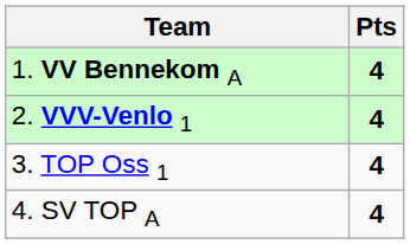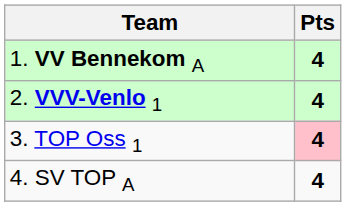 <table class="wikitable" style="text-align:center; float:left; margin-right:1em">
 <tr>
 <th style="width:200px">Team</th>
 <th width=20>Pts</th>
 </tr>
 <tr bgcolor=ccffcc>
 <td align=left>1. <strong>VV Bennekom</strong> <sub>A</sub></td>
 <td><strong>4</strong></td>
 </tr>
 <tr bgcolor=ccffcc>
 <td align=left>2. <strong><a href='#'>VVV-Venlo</a></strong> <sub>1</sub></td>
 <td><strong>4</strong></td>
 </tr>
 <tr>
 <td align=left>3. <a href='#'>TOP Oss</a> <sub>1</sub></td>
-<td><strong>4</strong></td>
+<td style="background: pink;"><strong>4</strong></td>
 </tr>
 <tr>
 <td align=left>4. SV TOP <sub>A</sub></td>
 <td><strong>4</strong></td>
 </tr>
 </table>
